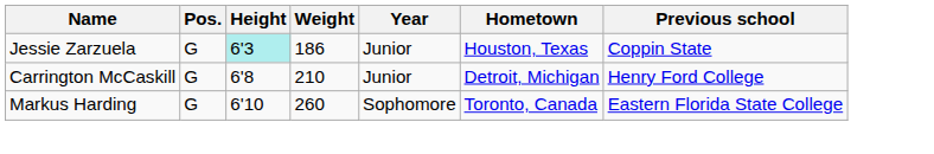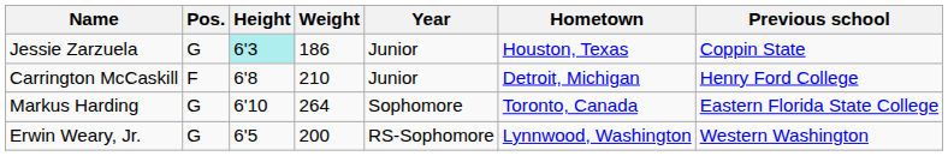 <table class="wikitable sortable" border="1">
 <tr align=center>
 <th>Name</th>
 <th>Pos.</th>
 <th>Height</th>
 <th>Weight</th>
 <th>Year</th>
 <th>Hometown</th>
 <th>Previous school</th>
 </tr>
 <tr>
 <td>Jessie Zarzuela</td>
 <td>G</td>
 <td style="background: paleturquoise;">6'3</td>
 <td>186</td>
 <td>Junior</td>
 <td><a href='#'>Houston, Texas</a></td>
 <td><a href='#'>Coppin State</a></td>
 </tr>
 <tr>
 <td>Carrington McCaskill</td>
-<td>G</td>
+<td>F</td>
 <td>6'8</td>
 <td>210</td>
 <td>Junior</td>
 <td><a href='#'>Detroit, Michigan</a></td>
 <td><a href='#'>Henry Ford College</a></td>
 </tr>
 <tr>
 <td>Markus Harding</td>
 <td>G</td>
 <td>6'10</td>
-<td>260</td>
+<td>264</td>
 <td>Sophomore</td>
 <td><a href='#'>Toronto, Canada</a></td>
 <td><a href='#'>Eastern Florida State College</a></td>
 </tr>
+<tr>
+<td>Erwin Weary, Jr.</td>
+<td>G</td>
+<td>6'5</td>
+<td>200</td>
+<td>RS-Sophomore</td>
+<td><a href='#'>Lynnwood, Washington</a></td>
+<td><a href='#'>Western Washington</a></td>
+</tr>
 </table>
